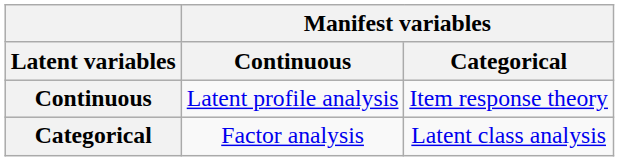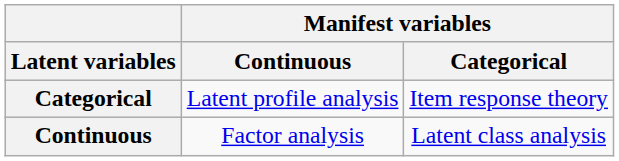 <table class="wikitable" style="margin: 1em auto;">
 <tr>
 <th></th>
 <th colspan="2">Manifest variables</th>
 </tr>
 <tr>
 <th>Latent variables</th>
 <th>Continuous</th>
 <th>Categorical</th>
 </tr>
 <tr align="center">
-<th>Continuous</th>
+<th>Categorical</th>
 <td><a href='#'>Latent profile analysis</a></td>
 <td><a href='#'>Item response theory</a></td>
 </tr>
 <tr align="center">
-<th>Categorical</th>
+<th>Continuous</th>
 <td><a href='#'>Factor analysis</a></td>
 <td><a href='#'>Latent class analysis</a></td>
 </tr>
 </table>
